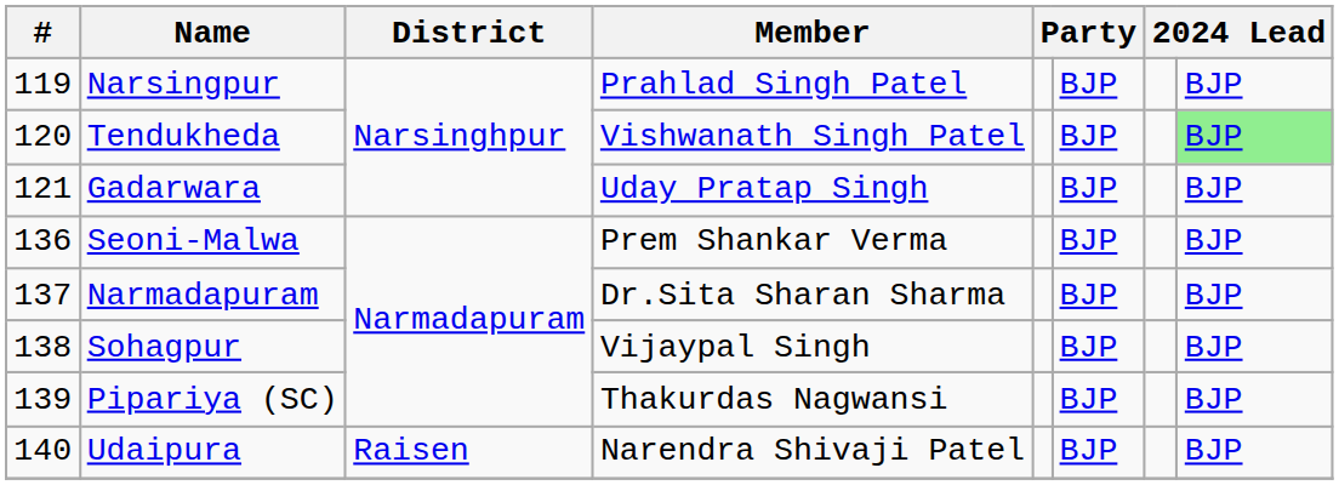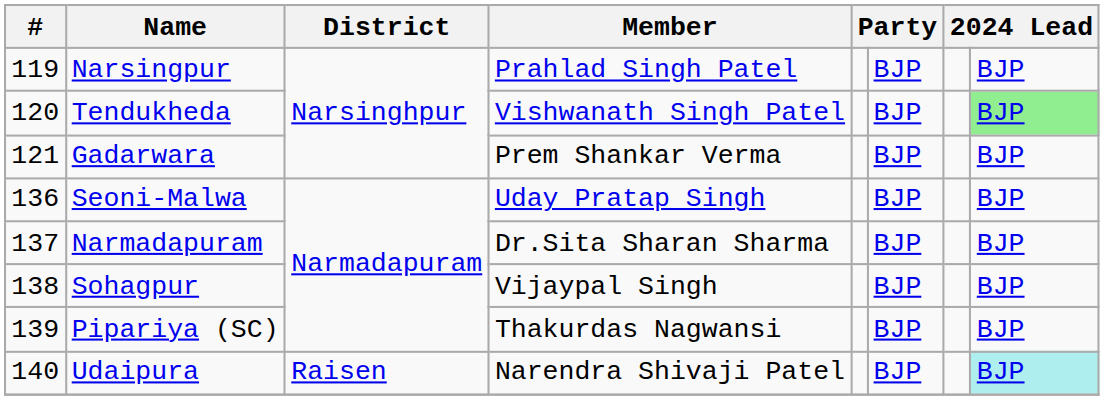 <table class="wikitable">
 <tr>
 <th>#</th>
 <th>Name</th>
 <th>District</th>
 <th>Member</th>
 <th colspan="2">Party</th>
 <th colspan="2">2024 Lead</th>
 </tr>
 <tr>
 <td>119</td>
 <td><a href='#'>Narsingpur</a></td>
 <td rowspan="3"><a href='#'>Narsinghpur</a></td>
 <td><a href='#'>Prahlad Singh Patel</a></td>
 <td style="background-color: "></td>
 <td><a href='#'>BJP</a></td>
 <td style="background-color: "></td>
 <td><a href='#'>BJP</a></td>
 </tr>
 <tr>
 <td>120</td>
 <td><a href='#'>Tendukheda</a></td>
 <td><a href='#'>Vishwanath Singh Patel</a></td>
 <td style="background-color: "></td>
 <td><a href='#'>BJP</a></td>
 <td style="background-color: "></td>
 <td style="background: lightgreen;"><a href='#'>BJP</a></td>
 </tr>
 <tr>
 <td>121</td>
 <td><a href='#'>Gadarwara</a></td>
-<td><a href='#'>Uday Pratap Singh</a></td>
+<td>Prem Shankar Verma</td>
 <td style="background-color: "></td>
 <td><a href='#'>BJP</a></td>
 <td style="background-color: "></td>
 <td><a href='#'>BJP</a></td>
 </tr>
 <tr>
 <td>136</td>
 <td><a href='#'>Seoni-Malwa</a></td>
 <td rowspan="4"><a href='#'>Narmadapuram</a></td>
-<td>Prem Shankar Verma</td>
+<td><a href='#'>Uday Pratap Singh</a></td>
 <td style="background-color: "></td>
 <td><a href='#'>BJP</a></td>
 <td style="background-color: "></td>
 <td><a href='#'>BJP</a></td>
 </tr>
 <tr>
 <td>137</td>
 <td><a href='#'>Narmadapuram</a></td>
 <td>Dr.Sita Sharan Sharma</td>
 <td style="background-color: "></td>
 <td><a href='#'>BJP</a></td>
 <td style="background-color: "></td>
 <td><a href='#'>BJP</a></td>
 </tr>
 <tr>
 <td>138</td>
 <td><a href='#'>Sohagpur</a></td>
 <td>Vijaypal Singh</td>
 <td style="background-color: "></td>
 <td><a href='#'>BJP</a></td>
 <td style="background-color: "></td>
 <td><a href='#'>BJP</a></td>
 </tr>
 <tr>
 <td>139</td>
 <td><a href='#'>Pipariya</a> (SC)</td>
 <td>Thakurdas Nagwansi</td>
 <td style="background-color: "></td>
 <td><a href='#'>BJP</a></td>
 <td style="background-color: "></td>
 <td><a href='#'>BJP</a></td>
 </tr>
 <tr>
 <td>140</td>
 <td><a href='#'>Udaipura</a></td>
 <td><a href='#'>Raisen</a></td>
 <td>Narendra Shivaji Patel</td>
 <td style="background-color: "></td>
 <td><a href='#'>BJP</a></td>
 <td style="background-color: "></td>
-<td><a href='#'>BJP</a></td>
+<td style="background: paleturquoise;"><a href='#'>BJP</a></td>
 </tr>
 <tr>
 </tr>
 </table>
